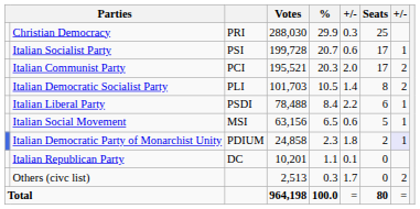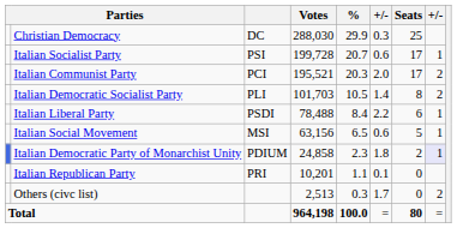 <table class="wikitable">
 <tr>
 <th colspan="2">Parties</th>
 <th></th>
 <th>Votes</th>
 <th>%</th>
 <th>+/-</th>
 <th>Seats</th>
 <th>+/-</th>
 <th rowspan="12"></th>
 </tr>
 <tr>
 <td style="background-color:"></td>
 <td><a href='#'>Christian Democracy</a></td>
-<td>PRI</td>
+<td>DC</td>
 <td align=right>288,030</td>
 <td align=right>29.9</td>
 <td align=right> 0.3</td>
 <td align=right>25</td>
 <td align=right></td>
 </tr>
 <tr>
 <td style="background-color:"></td>
 <td><a href='#'>Italian Socialist Party</a></td>
 <td>PSI</td>
 <td align=right>199,728</td>
 <td align=right>20.7</td>
 <td align=right> 0.6</td>
 <td align=right>17</td>
 <td align=right> 1</td>
 </tr>
 <tr>
 <td style="background-color:"></td>
 <td><a href='#'>Italian Communist Party</a></td>
 <td>PCI</td>
 <td align=right>195,521</td>
 <td align=right>20.3</td>
 <td align=right> 2.0</td>
 <td align=right>17</td>
 <td align=right> 2</td>
 </tr>
 <tr>
 <td style="background-color:"></td>
 <td><a href='#'>Italian Democratic Socialist Party</a></td>
 <td>PLI</td>
 <td align=right>101,703</td>
 <td align=right>10.5</td>
 <td align=right> 1.4</td>
 <td align=right>8</td>
 <td align=right> 2</td>
 </tr>
 <tr>
 <td style="background-color:"></td>
 <td><a href='#'>Italian Liberal Party</a></td>
 <td>PSDI</td>
 <td align=right>78,488</td>
 <td align=right>8.4</td>
 <td align=right> 2.2</td>
 <td align=right>6</td>
 <td align=right> 1</td>
 </tr>
 <tr>
 <td style="background-color:"></td>
 <td><a href='#'>Italian Social Movement</a></td>
 <td>MSI</td>
 <td align=right>63,156</td>
 <td align=right>6.5</td>
 <td align=right> 0.6</td>
 <td align=right>5</td>
 <td align=right> 1</td>
 </tr>
 <tr>
 <td style="background-color:royalblue"></td>
 <td><a href='#'>Italian Democratic Party of Monarchist Unity</a></td>
 <td>PDIUM</td>
 <td align=right>24,858</td>
 <td align=right>2.3</td>
 <td align=right> 1.8</td>
 <td align=right>2</td>
 <td align=right style="background: lavender;"> 1</td>
 </tr>
 <tr>
 <td style="background-color:"></td>
 <td><a href='#'>Italian Republican Party</a></td>
-<td>DC</td>
+<td>PRI</td>
 <td align=right>10,201</td>
 <td align=right>1.1</td>
 <td align=right> 0.1</td>
 <td align=right>0</td>
 <td align=right></td>
 </tr>
 <tr>
 <td style="background-color:"></td>
 <td>Others (civc list)</td>
 <td></td>
 <td align=right>2,513</td>
 <td align=right>0.3</td>
 <td align=right> 1.7</td>
 <td align=right>0</td>
 <td align=right> 2</td>
 </tr>
 <tr>
 <td colspan="2"><strong>Total</strong></td>
 <td></td>
 <td align=right><strong>964,198</strong></td>
 <td align=right><strong>100.0</strong></td>
 <td align=right>=</td>
 <td align=right><strong>80</strong></td>
 <td align=right>=</td>
 </tr>
 </table>
